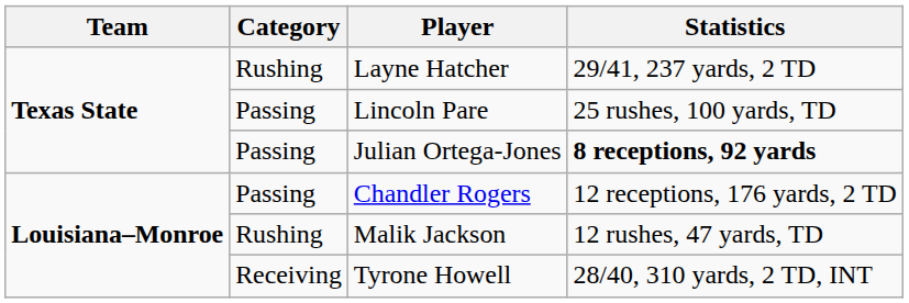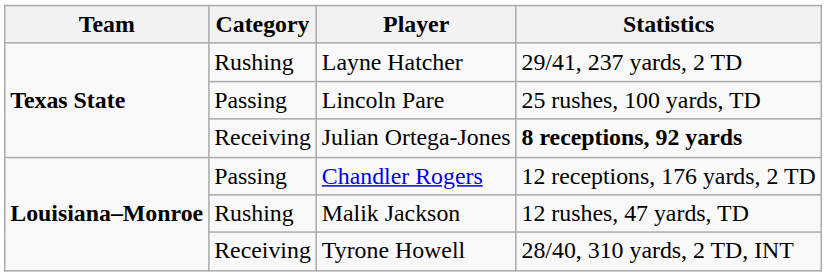 <table class="wikitable" style="float: left;">
 <tr>
 <th>Team</th>
 <th>Category</th>
 <th>Player</th>
 <th>Statistics</th>
 </tr>
 <tr>
 <td rowspan=3><strong>Texas State</strong></td>
 <td>Rushing</td>
 <td>Layne Hatcher</td>
 <td>29/41, 237 yards, 2 TD</td>
 </tr>
 <tr>
 <td>Passing</td>
 <td>Lincoln Pare</td>
 <td>25 rushes, 100 yards, TD</td>
 </tr>
 <tr>
-<td>Passing</td>
+<td>Receiving</td>
 <td>Julian Ortega-Jones</td>
 <td><strong>8 receptions, 92 yards</strong></td>
 </tr>
 <tr>
 <td rowspan=3><strong>Louisiana–Monroe</strong></td>
 <td>Passing</td>
 <td><a href='#'>Chandler Rogers</a></td>
 <td>12 receptions, 176 yards, 2 TD</td>
 </tr>
 <tr>
 <td>Rushing</td>
 <td>Malik Jackson</td>
 <td>12 rushes, 47 yards, TD</td>
 </tr>
 <tr>
 <td>Receiving</td>
 <td>Tyrone Howell</td>
 <td>28/40, 310 yards, 2 TD, INT</td>
 </tr>
 </table>
